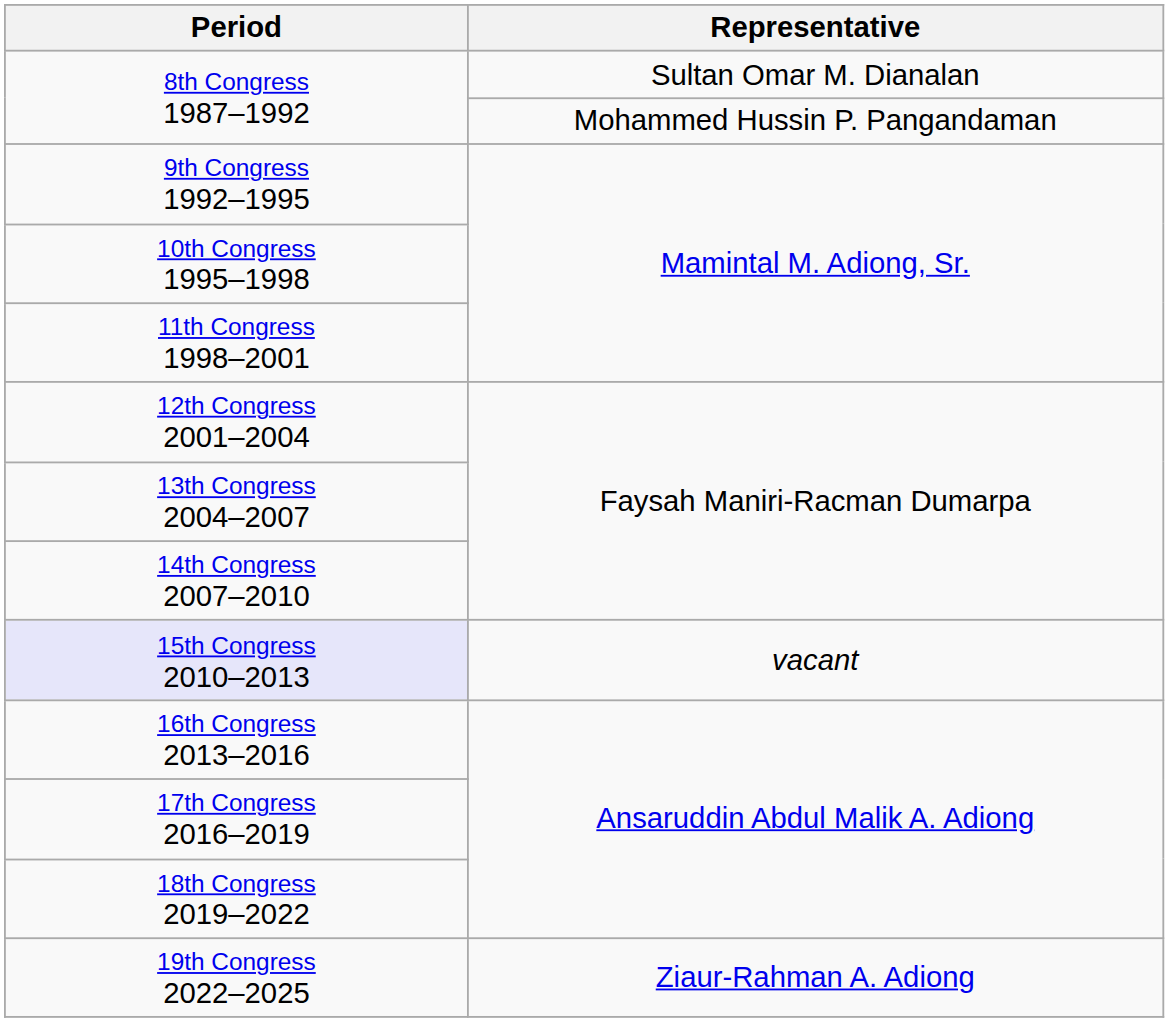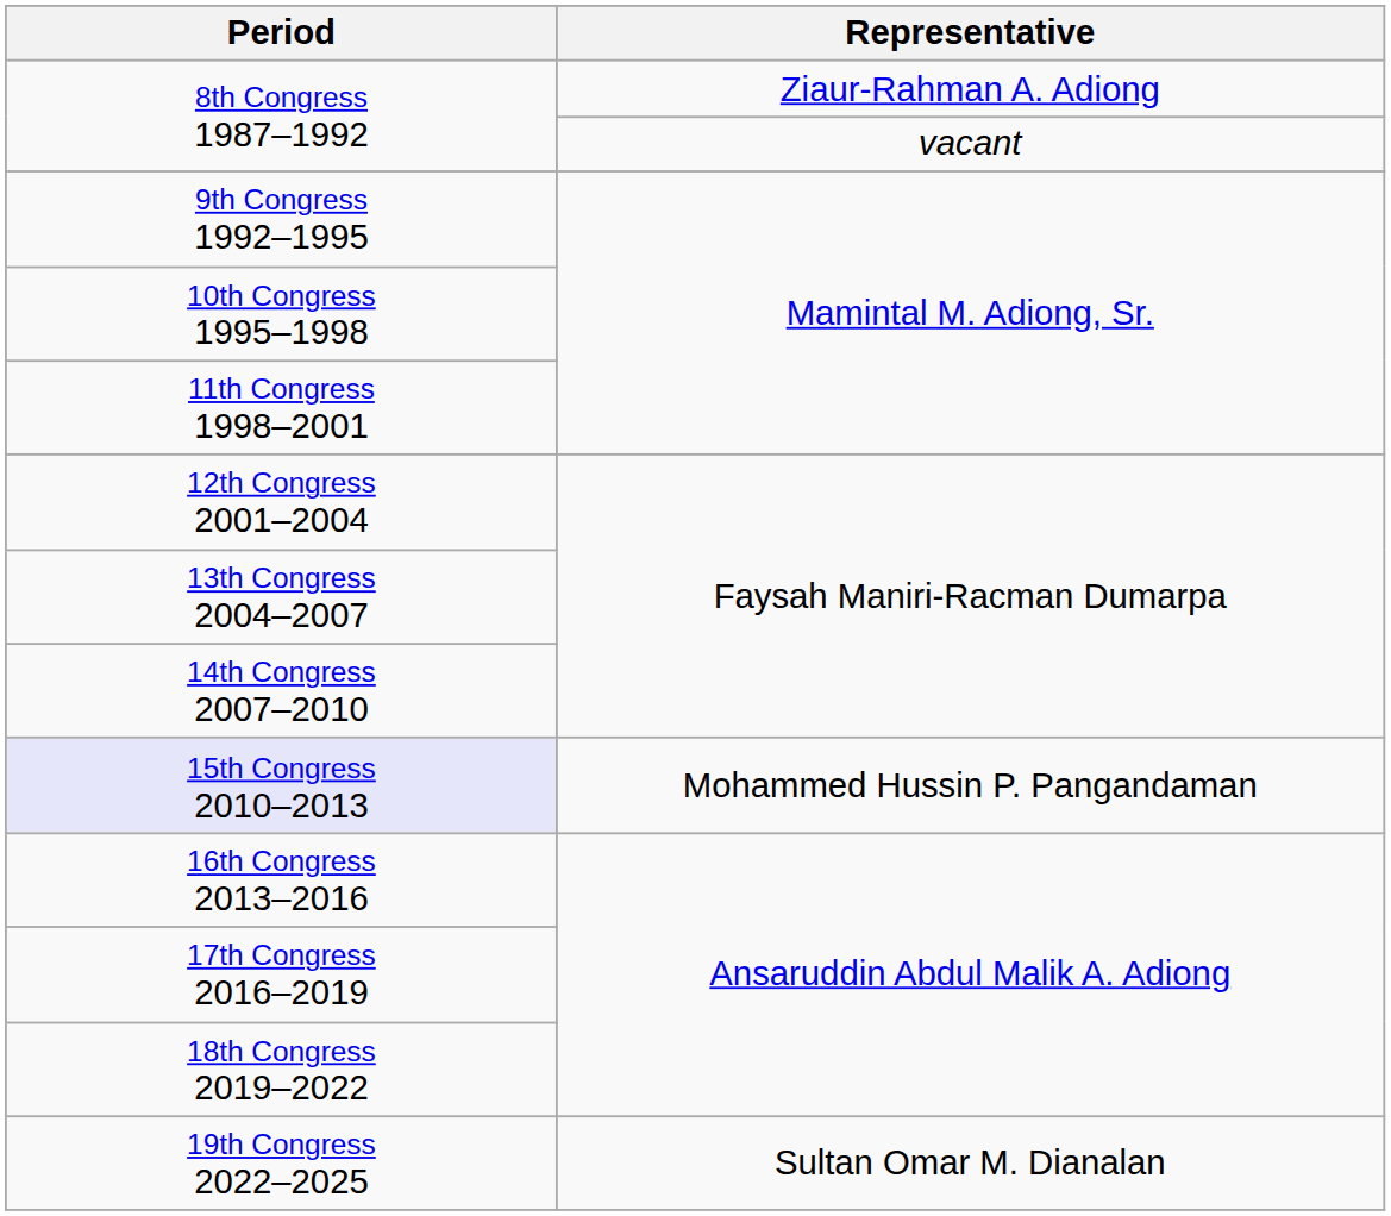 <table class="wikitable" style="text-align:center; width:40%;">
 <tr>
 <th width="40%">Period</th>
 <th>Representative</th>
 </tr>
 <tr>
 <td rowspan="2"><small><a href='#'>8th Congress</a></small><br>1987–1992</td>
-<td>Sultan Omar M. Dianalan</td>
+<td><a href='#'>Ziaur-Rahman A. Adiong</a></td>
 </tr>
 <tr>
-<td>Mohammed Hussin P. Pangandaman</td>
+<td><em>vacant</em></td>
 </tr>
 <tr>
 <td><small><a href='#'>9th Congress</a></small><br>1992–1995</td>
 <td rowspan="3"><a href='#'>Mamintal M. Adiong, Sr.</a></td>
 </tr>
 <tr>
 <td><small><a href='#'>10th Congress</a></small><br>1995–1998</td>
 </tr>
 <tr>
 <td><small><a href='#'>11th Congress</a></small><br>1998–2001</td>
 </tr>
 <tr>
 <td><small><a href='#'>12th Congress</a></small><br>2001–2004</td>
 <td rowspan="3">Faysah Maniri-Racman Dumarpa</td>
 </tr>
 <tr>
 <td><small><a href='#'>13th Congress</a></small><br>2004–2007</td>
 </tr>
 <tr>
 <td><small><a href='#'>14th Congress</a></small><br>2007–2010</td>
 </tr>
 <tr>
 <td style="background: lavender;"><small><a href='#'>15th Congress</a></small><br>2010–2013</td>
-<td><em>vacant</em></td>
+<td>Mohammed Hussin P. Pangandaman</td>
 </tr>
 <tr>
 <td><small><a href='#'>16th Congress</a></small><br>2013–2016</td>
 <td rowspan="3"><a href='#'>Ansaruddin Abdul Malik A. Adiong</a></td>
 </tr>
 <tr>
 <td><small><a href='#'>17th Congress</a></small><br>2016–2019</td>
 </tr>
 <tr>
 <td><small><a href='#'>18th Congress</a></small><br>2019–2022</td>
 </tr>
 <tr>
 <td><small><a href='#'>19th Congress</a></small><br>2022–2025</td>
-<td><a href='#'>Ziaur-Rahman A. Adiong</a></td>
+<td>Sultan Omar M. Dianalan</td>
 </tr>
 </table>
